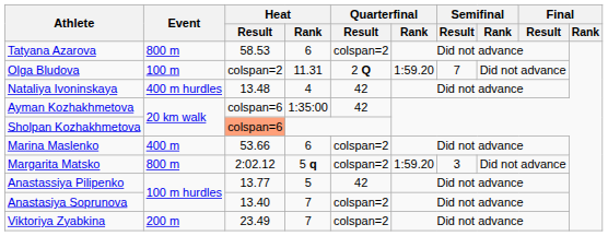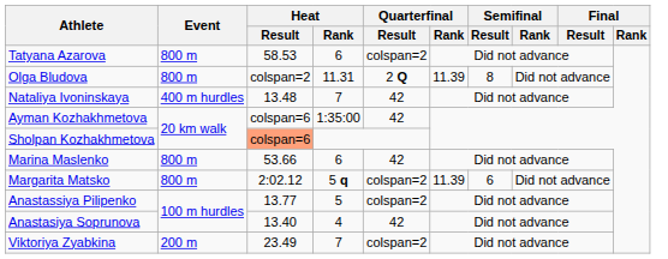 <table class="wikitable" style="font-size:90%">
 <tr>
 <th rowspan="2">Athlete</th>
 <th rowspan="2">Event</th>
 <th colspan="2">Heat</th>
 <th colspan="2">Quarterfinal</th>
 <th colspan="2">Semifinal</th>
 <th colspan="2">Final</th>
 </tr>
 <tr style="font-size:95%">
 <th>Result</th>
 <th>Rank</th>
 <th>Result</th>
 <th>Rank</th>
 <th>Result</th>
 <th>Rank</th>
 <th>Result</th>
 <th>Rank</th>
 </tr>
 <tr align=center>
 <td align=left><a href='#'>Tatyana Azarova</a></td>
 <td align=left><a href='#'>800 m</a></td>
 <td>58.53</td>
 <td>6</td>
 <td>colspan=2 </td>
 <td colspan=4>Did not advance</td>
 </tr>
 <tr align=center>
 <td align=left><a href='#'>Olga Bludova</a></td>
-<td align=left><a href='#'>100 m</a></td>
+<td align=left><a href='#'>800 m</a></td>
 <td>colspan=2 </td>
 <td>11.31</td>
 <td>2 <strong>Q</strong></td>
-<td>1:59.20</td>
-<td>7</td>
+<td>11.39</td>
+<td>8</td>
 <td colspan=2>Did not advance</td>
 </tr>
 <tr align=center>
 <td align=left><a href='#'>Nataliya Ivoninskaya</a></td>
 <td align=left><a href='#'>400 m hurdles</a></td>
 <td>13.48</td>
-<td>4</td>
+<td>7</td>
 <td>42</td>
 <td colspan=4>Did not advance</td>
 </tr>
 <tr align=center>
 <td align=left><a href='#'>Ayman Kozhakhmetova</a></td>
 <td align=left rowspan=2><a href='#'>20 km walk</a></td>
 <td>colspan=6 </td>
 <td>1:35:00</td>
 <td>42</td>
 </tr>
 <tr align=center>
 <td align=left><a href='#'>Sholpan Kozhakhmetova</a></td>
 <td style="background: lightsalmon;">colspan=6 </td>
 <td colspan=2></td>
 </tr>
 <tr align=center>
 <td align=left><a href='#'>Marina Maslenko</a></td>
-<td align=left><a href='#'>400 m</a></td>
+<td align=left><a href='#'>800 m</a></td>
 <td>53.66</td>
 <td>6</td>
-<td>colspan=2 </td>
+<td>42</td>
 <td colspan=4>Did not advance</td>
 </tr>
 <tr align=center>
 <td align=left><a href='#'>Margarita Matsko</a></td>
 <td align=left><a href='#'>800 m</a></td>
 <td>2:02.12</td>
 <td>5 <strong>q</strong></td>
 <td>colspan=2 </td>
-<td>1:59.20</td>
-<td>3</td>
+<td>11.39</td>
+<td>6</td>
 <td colspan=2>Did not advance</td>
 </tr>
 <tr align=center>
 <td align=left><a href='#'>Anastassiya Pilipenko</a></td>
 <td style="text-align:left;" rowspan="2"><a href='#'>100 m hurdles</a></td>
 <td>13.77</td>
 <td>5</td>
-<td>42</td>
+<td>colspan=2 </td>
 <td colspan=4>Did not advance</td>
 </tr>
 <tr align=center>
 <td align=left><a href='#'>Anastasiya Soprunova</a></td>
 <td>13.40</td>
-<td>7</td>
-<td>colspan=2 </td>
+<td>4</td>
+<td>42</td>
 <td colspan=4>Did not advance</td>
 </tr>
 <tr align=center>
 <td align=left><a href='#'>Viktoriya Zyabkina</a></td>
 <td align=left><a href='#'>200 m</a></td>
 <td>23.49</td>
 <td>7</td>
 <td>colspan=2 </td>
 <td colspan=4>Did not advance</td>
 </tr>
 </table>
